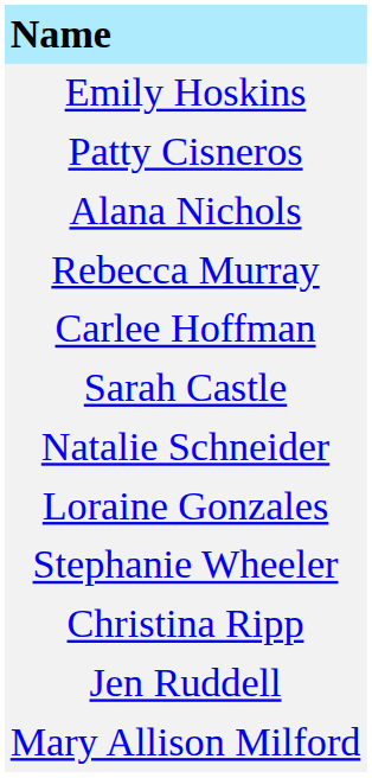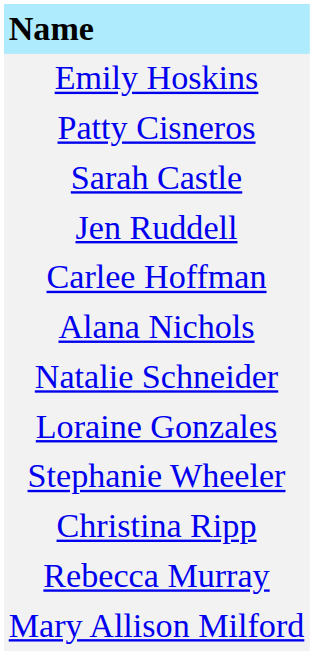 <table border=0 cellpadding=2 cellspacing=0  |- bgcolor=#F2F2F2 style="text-align:center; font-size:90%;">
 <tr bgcolor=#ADEBFD>
 <th align=left>Name</th>
 </tr>
 <tr>
 <td><a href='#'>Emily Hoskins</a></td>
 </tr>
 <tr>
 <td><a href='#'>Patty Cisneros</a></td>
 </tr>
 <tr>
-<td><a href='#'>Alana Nichols</a></td>
+<td><a href='#'>Sarah Castle</a></td>
 </tr>
 <tr>
-<td><a href='#'>Rebecca Murray</a></td>
+<td><a href='#'>Jen Ruddell</a></td>
 </tr>
 <tr>
 <td><a href='#'>Carlee Hoffman</a></td>
 </tr>
 <tr>
-<td><a href='#'>Sarah Castle</a></td>
+<td><a href='#'>Alana Nichols</a></td>
 </tr>
 <tr>
 <td><a href='#'>Natalie Schneider</a></td>
 </tr>
 <tr>
 <td><a href='#'>Loraine Gonzales</a></td>
 </tr>
 <tr>
 <td><a href='#'>Stephanie Wheeler</a></td>
 </tr>
 <tr>
 <td><a href='#'>Christina Ripp</a></td>
 </tr>
 <tr>
-<td><a href='#'>Jen Ruddell</a></td>
+<td><a href='#'>Rebecca Murray</a></td>
 </tr>
 <tr>
 <td><a href='#'>Mary Allison Milford</a></td>
 </tr>
 </table>
